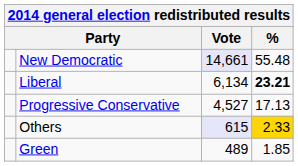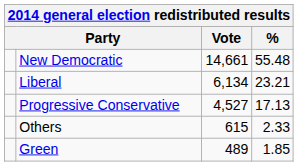 <table class="wikitable">
 <tr>
 <th colspan="4"><a href='#'>2014 general election</a> redistributed results</th>
 </tr>
 <tr>
 <th bgcolor="#DDDDFF" width="130px" colspan="2">Party</th>
 <th bgcolor="#DDDDFF" width="50px">Vote</th>
 <th bgcolor="#DDDDFF" width="30px">%</th>
 </tr>
 <tr>
 <td> </td>
 <td><a href='#'>New Democratic</a></td>
-<td align=right style="background: lavender;">14,661</td>
+<td align=right>14,661</td>
 <td align=right>55.48</td>
 </tr>
 <tr>
 <td> </td>
 <td><a href='#'>Liberal</a></td>
 <td align=right>6,134</td>
-<td align=right><strong>23.21</strong></td>
+<td align=right>23.21</td>
 </tr>
 <tr>
 <td> </td>
 <td><a href='#'>Progressive Conservative</a></td>
 <td align=right>4,527</td>
 <td align=right>17.13</td>
 </tr>
 <tr>
 <td> </td>
 <td>Others</td>
-<td align=right style="background: lavender;">615</td>
-<td align=right style="background: gold;">2.33</td>
+<td align=right>615</td>
+<td align=right>2.33</td>
 </tr>
 <tr>
 <td> </td>
 <td><a href='#'>Green</a></td>
 <td align=right>489</td>
 <td align=right>1.85</td>
 </tr>
 </table>
